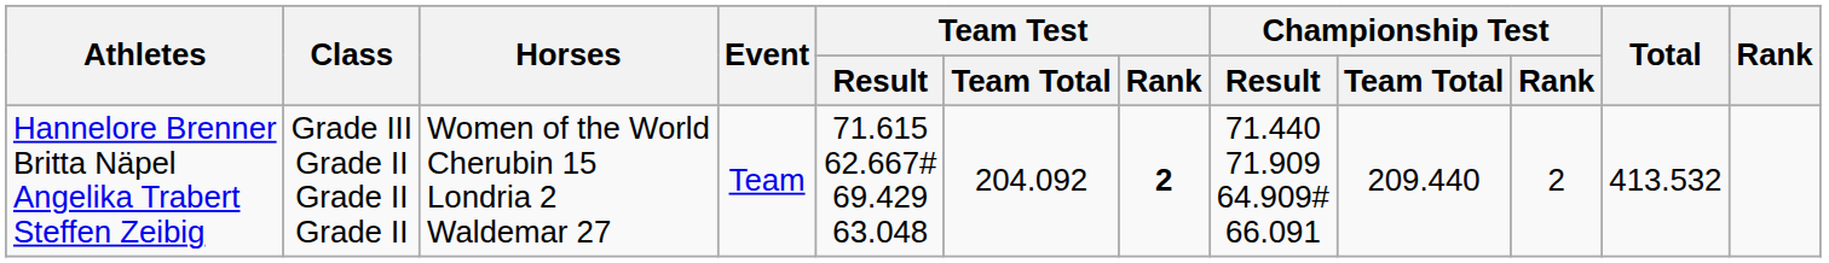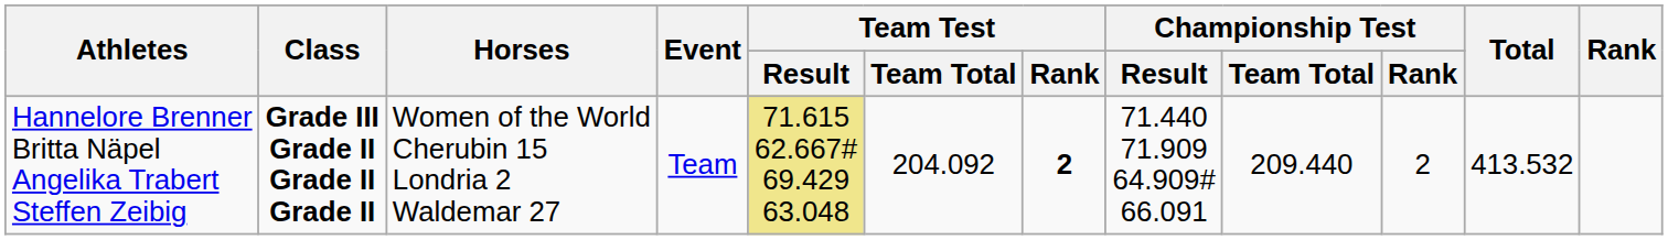 <table class=wikitable style="font-size:90%">
 <tr>
 <th rowspan="2">Athletes</th>
 <th rowspan="2">Class</th>
 <th rowspan="2">Horses</th>
 <th rowspan="2">Event</th>
 <th colspan="3">Team Test</th>
 <th colspan="3">Championship Test</th>
 <th rowspan="2">Total</th>
 <th rowspan="2">Rank</th>
 </tr>
 <tr>
 <th>Result</th>
 <th>Team Total</th>
 <th>Rank</th>
 <th>Result</th>
 <th>Team Total</th>
 <th>Rank</th>
 </tr>
 <tr>
 <td><a href='#'>Hannelore Brenner</a><br>Britta Näpel<br><a href='#'>Angelika Trabert</a><br><a href='#'>Steffen Zeibig</a></td>
-<td style="text-align:center;">Grade III<br>Grade II<br>Grade II<br>Grade II</td>
+<td style="text-align:center;"><strong>Grade III<br>Grade II<br>Grade II<br>Grade II</strong></td>
 <td>Women of the World<br>Cherubin 15<br>Londria 2<br>Waldemar 27</td>
 <td style="text-align:center;"><a href='#'>Team</a></td>
-<td style="text-align:center;">71.615<br>62.667#<br>69.429<br>63.048</td>
+<td style="background: khaki; text-align:center;">71.615<br>62.667#<br>69.429<br>63.048</td>
 <td style="text-align:center;">204.092</td>
 <td style="text-align:center;"><strong>2</strong></td>
 <td style="text-align:center;">71.440<br>71.909<br>64.909#<br>66.091</td>
 <td style="text-align:center;">209.440</td>
 <td style="text-align:center;">2</td>
 <td style="text-align:center;">413.532</td>
 <td style="text-align:center;"></td>
 </tr>
 </table>
